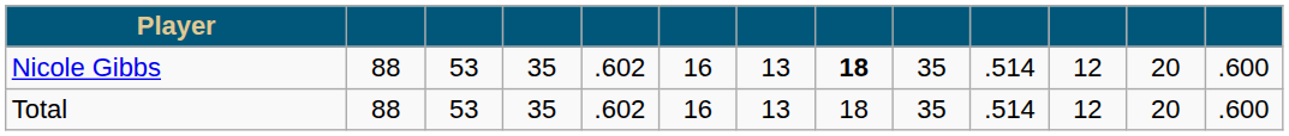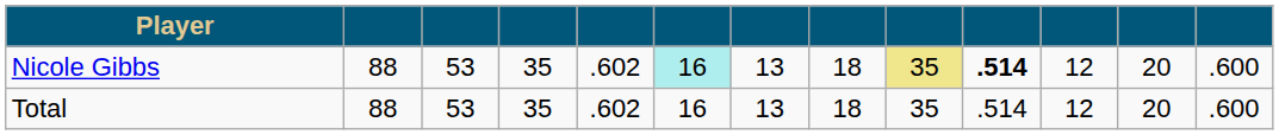 <table class="wikitable" style="text-align:center">
 <tr>
 <th style="background:#015779; color:#E2C993" width="200px">Player</th>
 <th style="background:#015779; color:#E2C993" width="40px"></th>
 <th style="background:#015779; color:#E2C993" width="40px"></th>
 <th style="background:#015779; color:#E2C993" width="40px"></th>
 <th style="background:#015779; color:#E2C993" width="40px"></th>
 <th style="background:#015779; color:#E2C993" width="40px"></th>
 <th style="background:#015779; color:#E2C993" width="40px"></th>
 <th style="background:#015779; color:#E2C993" width="40px"></th>
 <th style="background:#015779; color:#E2C993" width="40px"></th>
 <th style="background:#015779; color:#E2C993" width="40px"></th>
 <th style="background:#015779; color:#E2C993" width="40px"></th>
 <th style="background:#015779; color:#E2C993" width="40px"></th>
 <th style="background:#015779; color:#E2C993" width="40px"></th>
 </tr>
 <tr>
 <td style="text-align:left"><a href='#'>Nicole Gibbs</a></td>
 <td>88</td>
 <td>53</td>
 <td>35</td>
 <td>.602</td>
-<td>16</td>
+<td style="background: paleturquoise;">16</td>
 <td>13</td>
-<td><strong>18</strong></td>
-<td>35</td>
-<td>.514</td>
+<td>18</td>
+<td style="background: khaki;">35</td>
+<td><strong>.514</strong></td>
 <td>12</td>
 <td>20</td>
 <td>.600</td>
 </tr>
 <tr>
 <td style="text-align:left">Total</td>
 <td>88</td>
 <td>53</td>
 <td>35</td>
 <td>.602</td>
 <td>16</td>
 <td>13</td>
 <td>18</td>
 <td>35</td>
 <td>.514</td>
 <td>12</td>
 <td>20</td>
 <td>.600</td>
 </tr>
 </table>
